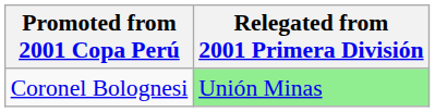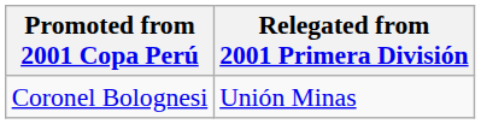 <table class="wikitable">
 <tr>
 <th>Promoted from<br><a href='#'>2001 Copa Perú</a></th>
 <th>Relegated from<br><a href='#'>2001 Primera División</a></th>
 </tr>
 <tr>
 <td> <a href='#'>Coronel Bolognesi</a> </td>
-<td style="background: lightgreen;"> <a href='#'>Unión Minas</a> </td>
+<td> <a href='#'>Unión Minas</a> </td>
 </tr>
 </table>
